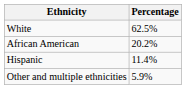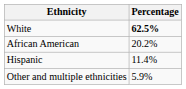 <table class=wikitable border="1">
 <tr>
 <th>Ethnicity</th>
 <th>Percentage</th>
 </tr>
 <tr>
 <td>White</td>
-<td>62.5%</td>
+<td><strong>62.5%</strong></td>
 </tr>
 <tr>
 <td>African American</td>
 <td>20.2%</td>
 </tr>
 <tr>
 <td>Hispanic</td>
 <td>11.4%</td>
 </tr>
 <tr>
 <td>Other and multiple ethnicities</td>
 <td>5.9%</td>
 </tr>
 </table>
